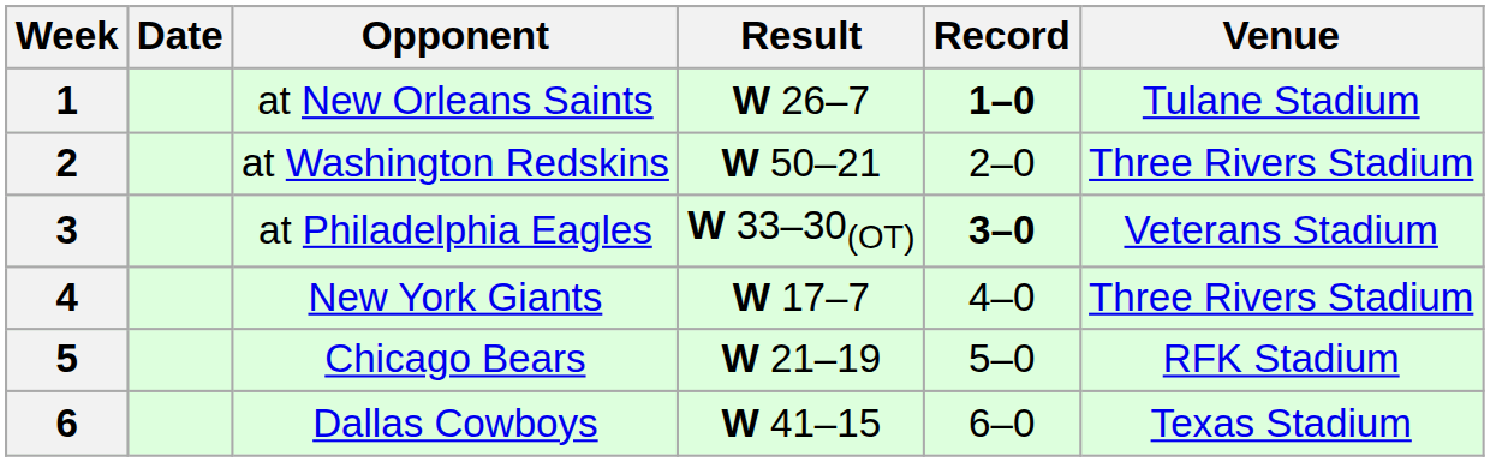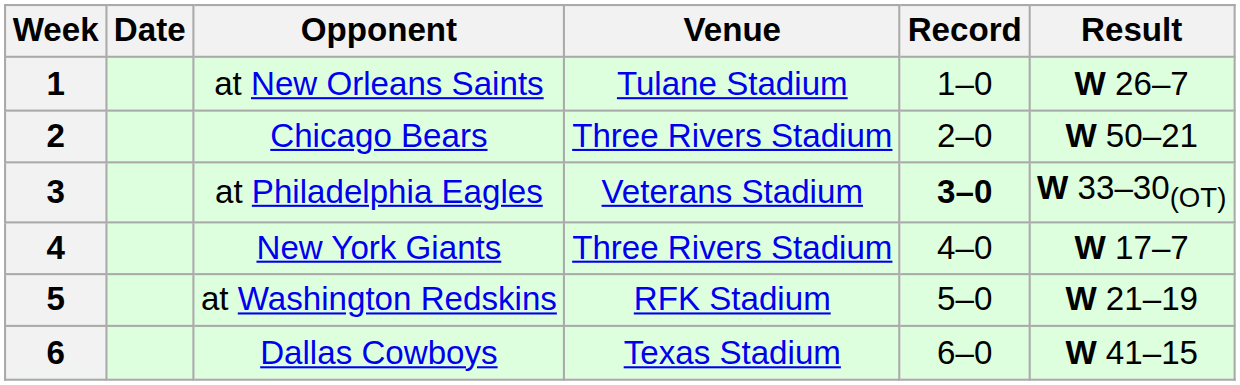 <table class="wikitable" style="text-align: center">
 <tr>
 <th>Week</th>
 <th>Date</th>
 <th>Opponent</th>
+<th>Venue</th>
+<th>Record</th>
 <th>Result</th>
-<th>Record</th>
-<th>Venue</th>
 </tr>
 <tr style="background: #ddffdd;">
 <th>1</th>
 <td></td>
 <td>at <a href='#'>New Orleans Saints</a></td>
+<td><a href='#'>Tulane Stadium</a></td>
+<td>1–0</td>
 <td><strong>W</strong> 26–7</td>
-<td><strong>1–0</strong></td>
-<td><a href='#'>Tulane Stadium</a></td>
 </tr>
 <tr style="background: #ddffdd;">
 <th>2</th>
 <td></td>
-<td>at <a href='#'>Washington Redskins</a></td>
+<td><a href='#'>Chicago Bears</a></td>
+<td><a href='#'>Three Rivers Stadium</a></td>
+<td>2–0</td>
 <td><strong>W</strong> 50–21</td>
-<td>2–0</td>
-<td><a href='#'>Three Rivers Stadium</a></td>
 </tr>
 <tr style="background: #ddffdd;">
 <th>3</th>
 <td></td>
 <td>at <a href='#'>Philadelphia Eagles</a></td>
+<td><a href='#'>Veterans Stadium</a></td>
+<td><strong>3–0</strong></td>
 <td><strong>W</strong> 33–30<sub>(OT)</sub></td>
-<td><strong>3–0</strong></td>
-<td><a href='#'>Veterans Stadium</a></td>
 </tr>
 <tr style="background: #ddffdd;">
 <th>4</th>
 <td></td>
 <td><a href='#'>New York Giants</a></td>
+<td><a href='#'>Three Rivers Stadium</a></td>
+<td>4–0</td>
 <td><strong>W</strong> 17–7</td>
-<td>4–0</td>
-<td><a href='#'>Three Rivers Stadium</a></td>
 </tr>
 <tr style="background: #ddffdd;">
 <th>5</th>
 <td></td>
-<td><a href='#'>Chicago Bears</a></td>
+<td>at <a href='#'>Washington Redskins</a></td>
+<td><a href='#'>RFK Stadium</a></td>
+<td>5–0</td>
 <td><strong>W</strong> 21–19</td>
-<td>5–0</td>
-<td><a href='#'>RFK Stadium</a></td>
 </tr>
 <tr style="background: #ddffdd;">
 <th>6</th>
 <td></td>
 <td><a href='#'>Dallas Cowboys</a></td>
+<td><a href='#'>Texas Stadium</a></td>
+<td>6–0</td>
 <td><strong>W</strong> 41–15</td>
-<td>6–0</td>
-<td><a href='#'>Texas Stadium</a></td>
 </tr>
 </table>
